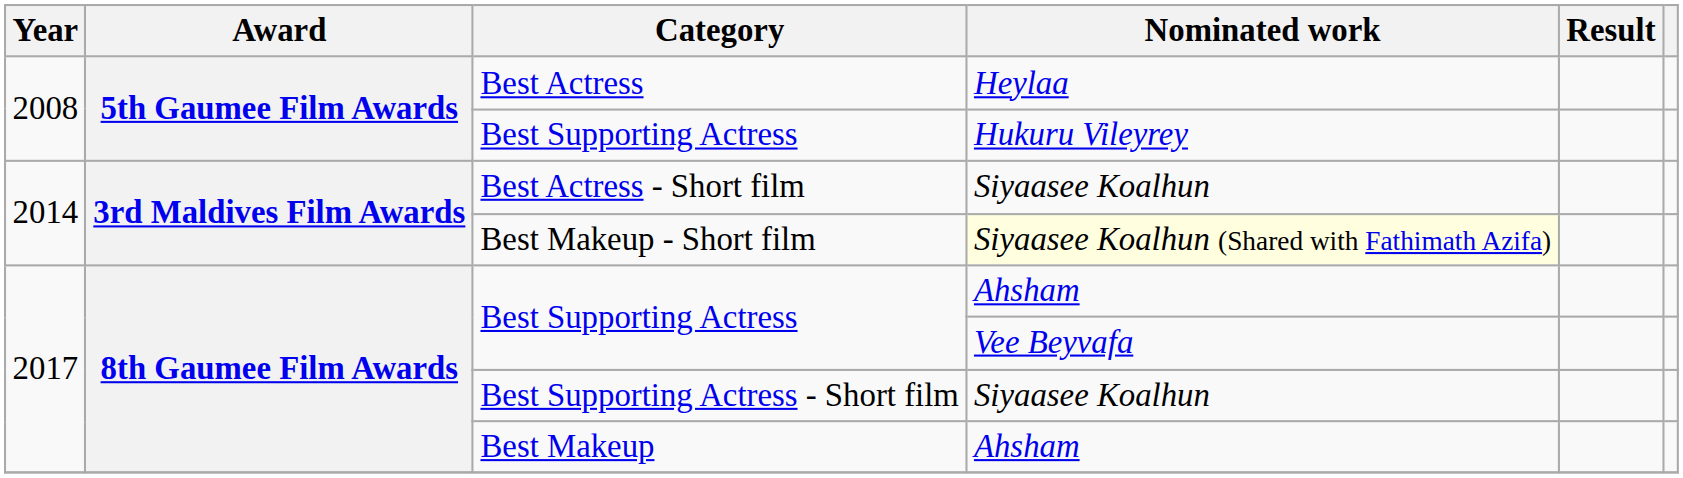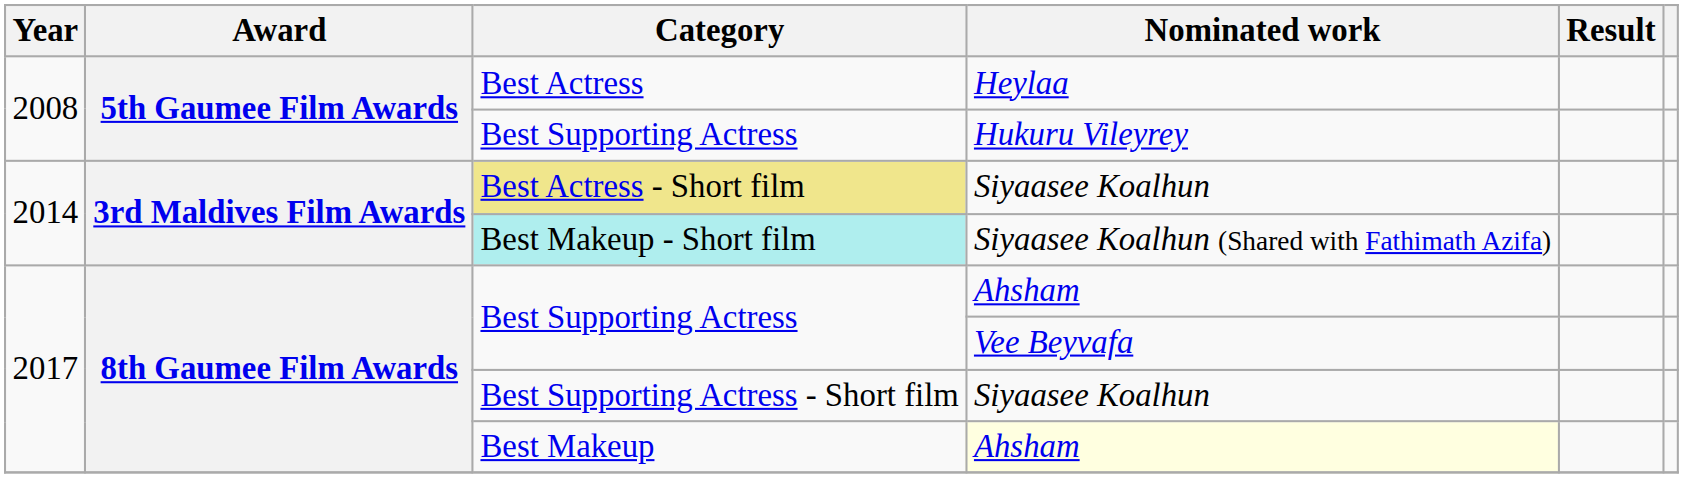 <table class="wikitable plainrowheaders sortable">
 <tr>
 <th scope="col">Year</th>
 <th scope="col">Award</th>
 <th scope="col">Category</th>
 <th scope="col">Nominated work</th>
 <th scope="col">Result</th>
 <th scope="col" class="unsortable"></th>
 </tr>
 <tr>
 <td rowspan="2">2008</td>
 <th scope="row" rowspan="2"><a href='#'>5th Gaumee Film Awards</a></th>
 <td><a href='#'>Best Actress</a></td>
 <td><em><a href='#'>Heylaa</a></em></td>
 <td></td>
 <td style="text-align:center;"></td>
 </tr>
 <tr>
 <td><a href='#'>Best Supporting Actress</a></td>
 <td><em><a href='#'>Hukuru Vileyrey</a></em></td>
 <td></td>
 <td style="text-align:center;"></td>
 </tr>
 <tr>
 <td rowspan="2">2014</td>
 <th scope="row" rowspan="2"><a href='#'>3rd Maldives Film Awards</a></th>
-<td><a href='#'>Best Actress</a> - Short film</td>
+<td style="background: khaki;"><a href='#'>Best Actress</a> - Short film</td>
 <td><em>Siyaasee Koalhun</em></td>
 <td></td>
 <td style="text-align:center;"></td>
 </tr>
 <tr>
-<td>Best Makeup - Short film</td>
-<td style="background: lightyellow;"><em>Siyaasee Koalhun</em> <small>(Shared with <a href='#'>Fathimath Azifa</a>)</small></td>
+<td style="background: paleturquoise;">Best Makeup - Short film</td>
+<td><em>Siyaasee Koalhun</em> <small>(Shared with <a href='#'>Fathimath Azifa</a>)</small></td>
 <td></td>
 <td style="text-align:center;"></td>
 </tr>
 <tr>
 <td rowspan="4">2017</td>
 <th scope="row" rowspan="4"><a href='#'>8th Gaumee Film Awards</a></th>
 <td rowspan="2"><a href='#'>Best Supporting Actress</a></td>
 <td><em><a href='#'>Ahsham</a></em></td>
 <td></td>
 <td style="text-align:center;"></td>
 </tr>
 <tr>
 <td><em><a href='#'>Vee Beyvafa</a></em></td>
 <td></td>
 <td style="text-align:center;"></td>
 </tr>
 <tr>
 <td><a href='#'>Best Supporting Actress</a> - Short film</td>
 <td><em>Siyaasee Koalhun</em></td>
 <td></td>
 <td style="text-align:center;"></td>
 </tr>
 <tr>
 <td><a href='#'>Best Makeup</a></td>
-<td><em><a href='#'>Ahsham</a></em></td>
+<td style="background: lightyellow;"><em><a href='#'>Ahsham</a></em></td>
 <td></td>
 <td style="text-align:center;"></td>
 </tr>
 <tr>
 </tr>
 </table>
